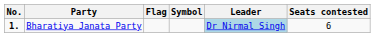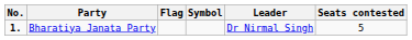 <table class="wikitable">
 <tr>
 <th>No.</th>
 <th>Party</th>
 <th>Flag</th>
 <th>Symbol</th>
 <th>Leader</th>
 <th>Seats contested</th>
 </tr>
 <tr>
 <td ! style="text-align:center; background:"><strong>1.</strong></td>
 <td style="text-align:center"><a href='#'>Bharatiya Janata Party</a></td>
 <td></td>
 <td></td>
-<td style="background: lightblue; text-align:center"><a href='#'>Dr Nirmal Singh</a></td>
-<td style="text-align:center">6</td>
+<td style="text-align:center"><a href='#'>Dr Nirmal Singh</a></td>
+<td style="text-align:center">5</td>
 </tr>
 </table>
